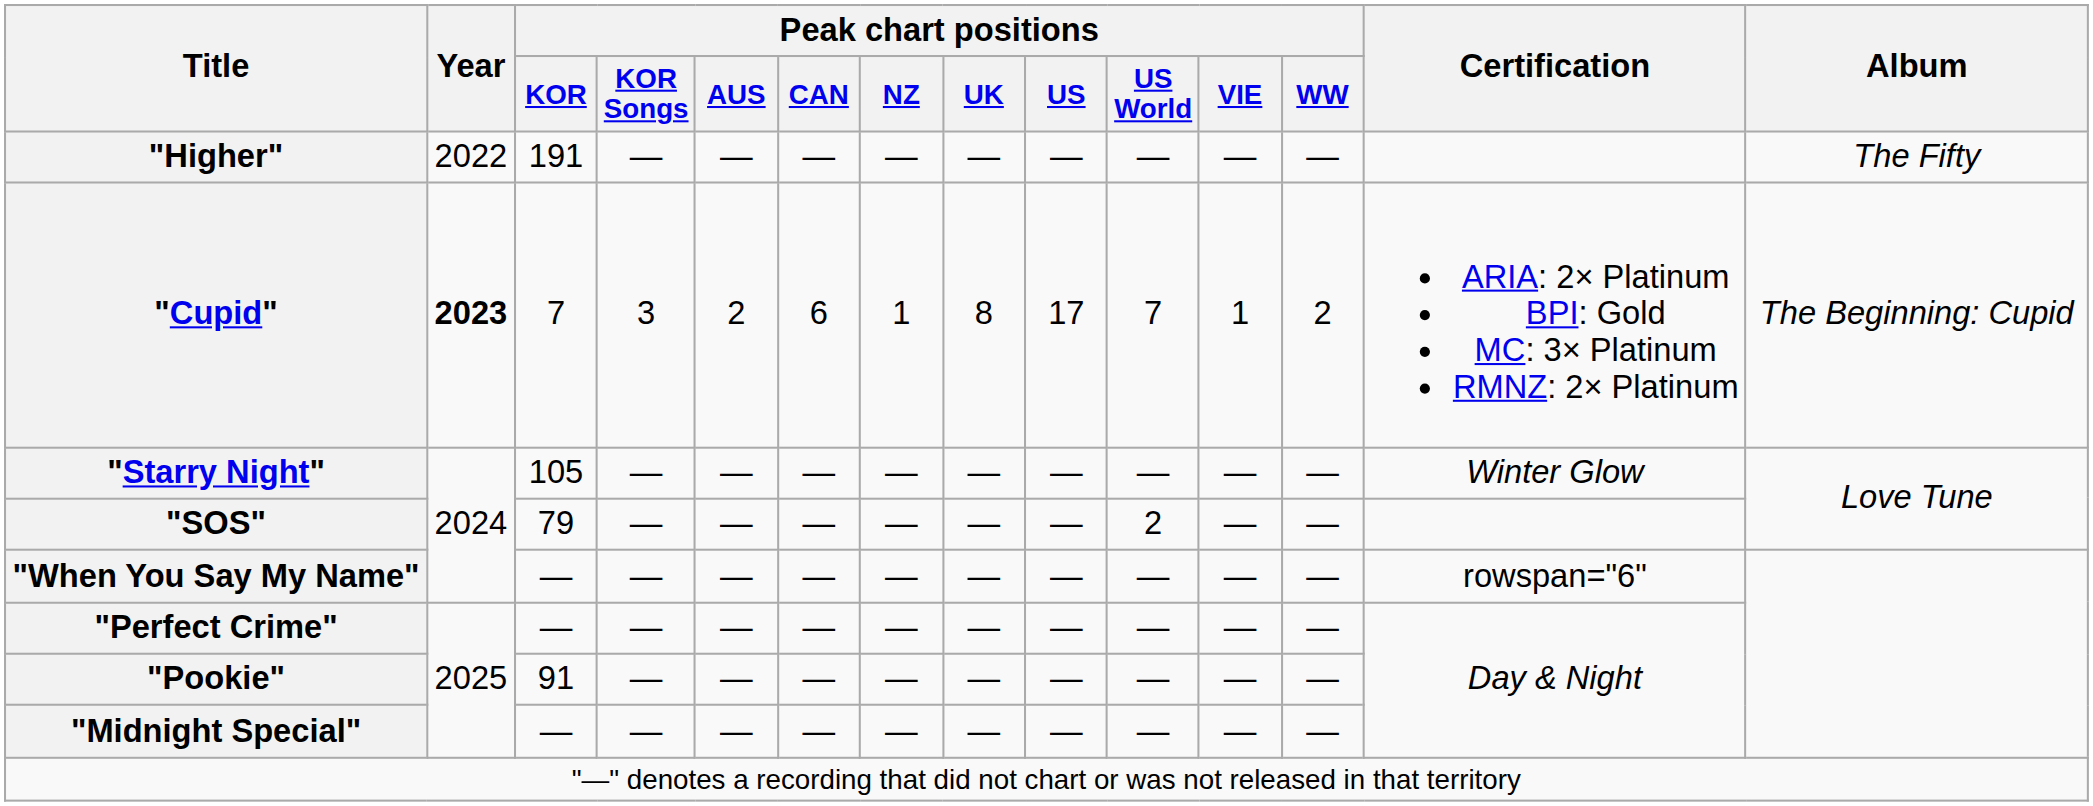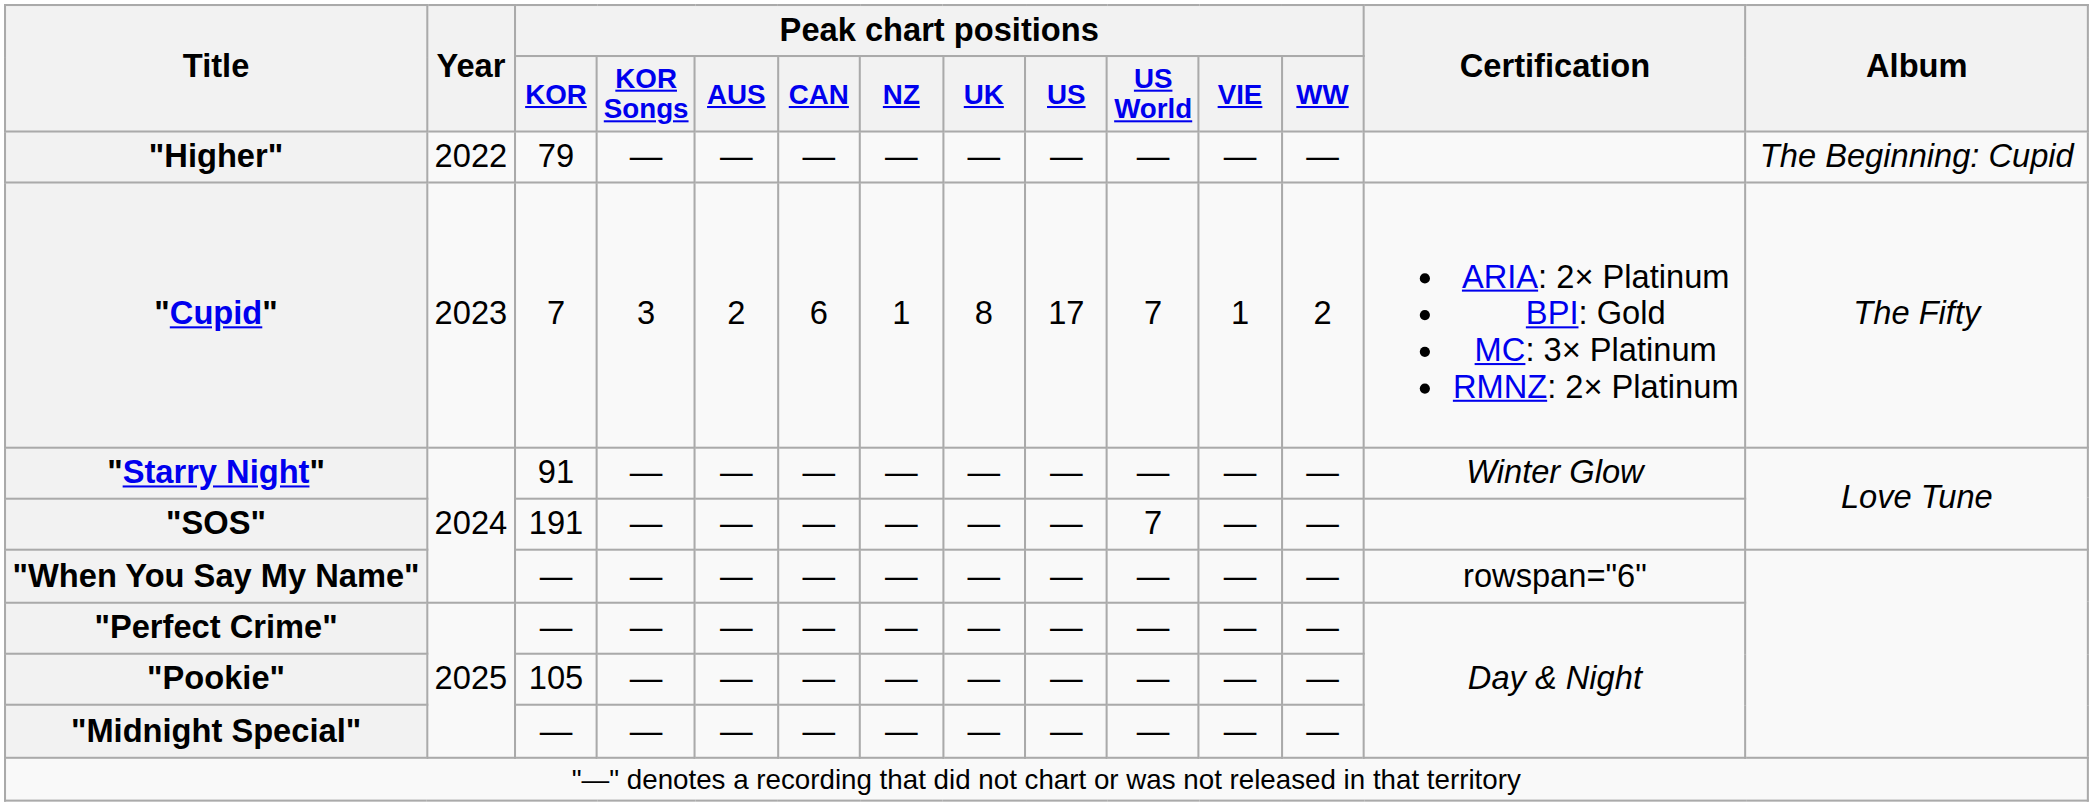 <table class="wikitable plainrowheaders" style="text-align:center">
 <tr>
 <th scope="col" rowspan="2">Title</th>
 <th scope="col" rowspan="2">Year</th>
 <th scope="col" colspan="10">Peak chart positions</th>
 <th scope="col" rowspan="2">Certification</th>
 <th scope="col" rowspan="2" style="width:10em">Album</th>
 </tr>
 <tr>
 <th scope="col" style="font-size:85%; width:2.5em"><a href='#'>KOR</a><br></th>
 <th scope="col" style="font-size:85%; width:2.5em"><a href='#'>KOR<br>Songs</a><br></th>
 <th scope="col" style="font-size:85%; width:2.5em"><a href='#'>AUS</a><br></th>
 <th scope="col" style="font-size:85%; width:2.5em"><a href='#'>CAN</a><br></th>
 <th scope="col" style="font-size:85%; width:2.5em"><a href='#'>NZ</a><br></th>
 <th scope="col" style="font-size:85%; width:2.5em"><a href='#'>UK</a><br></th>
 <th scope="col" style="font-size:85%; width:2.5em"><a href='#'>US</a><br></th>
 <th scope="col" style="font-size:85%; width:2.5em"><a href='#'>US<br>World</a><br></th>
 <th scope="col" style="font-size:85%; width:2.5em"><a href='#'>VIE</a><br></th>
 <th scope="col" style="font-size:85%; width:2.5em"><a href='#'>WW</a><br></th>
 </tr>
 <tr>
 <th scope="row">"Higher"</th>
 <td>2022</td>
-<td>191</td>
+<td>79</td>
 <td>—</td>
 <td>—</td>
 <td>—</td>
 <td>—</td>
 <td>—</td>
 <td>—</td>
 <td>—</td>
 <td>—</td>
 <td>—</td>
 <td></td>
-<td><em>The Fifty</em></td>
+<td><em>The Beginning: Cupid</em></td>
 </tr>
 <tr>
 <th scope="row">"<a href='#'>Cupid</a>"</th>
-<td><strong>2023</strong></td>
+<td>2023</td>
 <td>7</td>
 <td>3</td>
 <td>2</td>
 <td>6</td>
 <td>1</td>
 <td>8</td>
 <td>17</td>
 <td>7</td>
 <td>1</td>
 <td>2</td>
 <td><br><ul><li><a href='#'>ARIA</a>: 2× Platinum</li><li><a href='#'>BPI</a>: Gold</li><li><a href='#'>MC</a>: 3× Platinum</li><li><a href='#'>RMNZ</a>: 2× Platinum</li></ul></td>
-<td><em>The Beginning: Cupid</em></td>
+<td><em>The Fifty</em></td>
 </tr>
 <tr>
 <th scope="row">"<a href='#'>Starry Night</a>"</th>
 <td rowspan="3">2024</td>
-<td>105</td>
+<td>91</td>
 <td>—</td>
 <td>—</td>
 <td>—</td>
 <td>—</td>
 <td>—</td>
 <td>—</td>
 <td>—</td>
 <td>—</td>
 <td>—</td>
 <td><em>Winter Glow</em></td>
 <td rowspan="2"><em>Love Tune</em></td>
 </tr>
 <tr>
 <th scope="row">"SOS"</th>
-<td>79</td>
+<td>191</td>
 <td>—</td>
 <td>—</td>
 <td>—</td>
 <td>—</td>
 <td>—</td>
 <td>—</td>
-<td>2</td>
+<td>7</td>
 <td>—</td>
 <td>—</td>
 </tr>
 <tr>
 <th scope="row">"When You Say My Name"</th>
 <td>—</td>
 <td>—</td>
 <td>—</td>
 <td>—</td>
 <td>—</td>
 <td>—</td>
 <td>—</td>
 <td>—</td>
 <td>—</td>
 <td>—</td>
 <td>rowspan="6" </td>
 </tr>
 <tr>
 <th scope="row">"Perfect Crime"</th>
 <td rowspan="3">2025</td>
 <td>—</td>
 <td>—</td>
 <td>—</td>
 <td>—</td>
 <td>—</td>
 <td>—</td>
 <td>—</td>
 <td>—</td>
 <td>—</td>
 <td>—</td>
 <td rowspan="3"><em>Day & Night</em></td>
 </tr>
 <tr>
 <th scope="row">"Pookie"</th>
-<td>91</td>
+<td>105</td>
 <td>—</td>
 <td>—</td>
 <td>—</td>
 <td>—</td>
 <td>—</td>
 <td>—</td>
 <td>—</td>
 <td>—</td>
 <td>—</td>
 </tr>
 <tr>
 <th scope="row">"Midnight Special"</th>
 <td>—</td>
 <td>—</td>
 <td>—</td>
 <td>—</td>
 <td>—</td>
 <td>—</td>
 <td>—</td>
 <td>—</td>
 <td>—</td>
 <td>—</td>
 </tr>
 <tr>
 <td colspan="15" style="font-size:85%">"—" denotes a recording that did not chart or was not released in that territory</td>
 </tr>
 </table>
